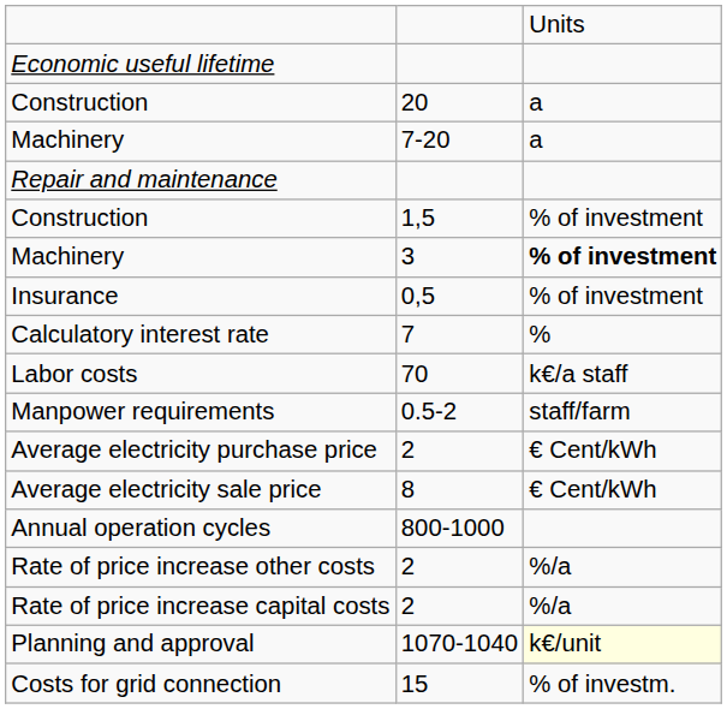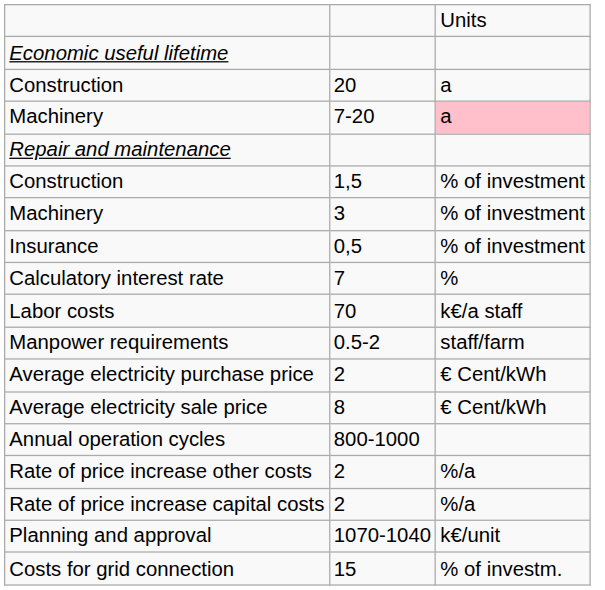 <table class="wikitable mw-collapsible">
 <tr>
 <td></td>
 <td></td>
 <td>Units</td>
 </tr>
 <tr>
 <td><em><u>Economic useful lifetime</u></em></td>
 <td></td>
 <td></td>
 </tr>
 <tr>
 <td>Construction</td>
 <td>20</td>
 <td>a</td>
 </tr>
 <tr>
 <td>Machinery</td>
 <td>7-20</td>
-<td>a</td>
+<td style="background: pink;">a</td>
 </tr>
 <tr>
 <td><em><u>Repair and maintenance</u></em></td>
 <td></td>
 <td></td>
 </tr>
 <tr>
 <td>Construction</td>
 <td>1,5</td>
 <td>% of investment</td>
 </tr>
 <tr>
 <td>Machinery</td>
 <td>3</td>
-<td><strong>% of investment</strong></td>
+<td>% of investment</td>
 </tr>
 <tr>
 <td>Insurance</td>
 <td>0,5</td>
 <td>% of investment</td>
 </tr>
 <tr>
 <td>Calculatory interest rate</td>
 <td>7</td>
 <td>%</td>
 </tr>
 <tr>
 <td>Labor costs</td>
 <td>70</td>
 <td>k€/a staff</td>
 </tr>
 <tr>
 <td>Manpower requirements</td>
 <td>0.5-2</td>
 <td>staff/farm</td>
 </tr>
 <tr>
 <td>Average electricity purchase price</td>
 <td>2</td>
 <td>€ Cent/kWh</td>
 </tr>
 <tr>
 <td>Average electricity sale price</td>
 <td>8</td>
 <td>€ Cent/kWh</td>
 </tr>
 <tr>
 <td>Annual operation cycles</td>
 <td>800-1000</td>
 <td></td>
 </tr>
 <tr>
 <td>Rate of price increase other costs</td>
 <td>2</td>
 <td>%/a</td>
 </tr>
 <tr>
 <td>Rate of price increase capital costs</td>
 <td>2</td>
 <td>%/a</td>
 </tr>
 <tr>
 <td>Planning and approval</td>
 <td>1070-1040</td>
-<td style="background: lightyellow;">k€/unit</td>
+<td>k€/unit</td>
 </tr>
 <tr>
 <td>Costs for grid connection</td>
 <td>15</td>
 <td>% of investm.</td>
 </tr>
 </table>
